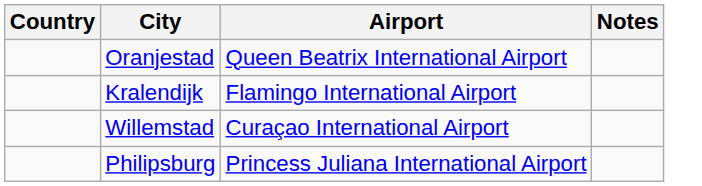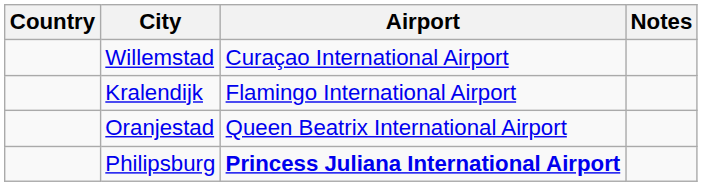 <table class="sortable wikitable">
 <tr>
 <th>Country</th>
 <th>City</th>
 <th>Airport</th>
 <th>Notes</th>
 </tr>
 <tr>
 <td></td>
-<td><a href='#'>Oranjestad</a></td>
-<td><a href='#'>Queen Beatrix International Airport</a></td>
-<td align=center></td>
+<td><a href='#'>Willemstad</a></td>
+<td><a href='#'>Curaçao International Airport</a></td>
+<td></td>
 </tr>
 <tr>
 <td></td>
 <td><a href='#'>Kralendijk</a></td>
 <td><a href='#'>Flamingo International Airport</a></td>
 <td></td>
 </tr>
 <tr>
 <td></td>
-<td><a href='#'>Willemstad</a></td>
-<td><a href='#'>Curaçao International Airport</a></td>
-<td></td>
+<td><a href='#'>Oranjestad</a></td>
+<td><a href='#'>Queen Beatrix International Airport</a></td>
+<td align=center></td>
 </tr>
 <tr>
 <td></td>
 <td><a href='#'>Philipsburg</a></td>
-<td><a href='#'>Princess Juliana International Airport</a></td>
+<td><strong><a href='#'>Princess Juliana International Airport</a></strong></td>
 <td></td>
 </tr>
 </table>
